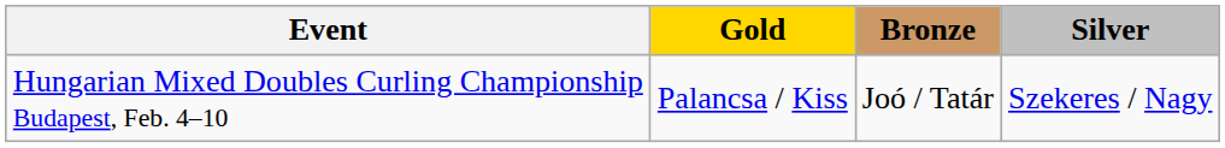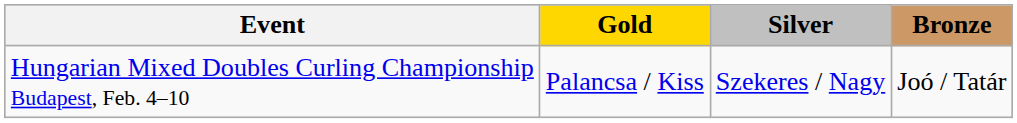 <table class="wikitable">
 <tr>
 <th>Event</th>
 <th style="background:gold">Gold</th>
+<th style="background:silver">Silver</th>
 <th style="background:#cc9966">Bronze</th>
-<th style="background:silver">Silver</th>
 </tr>
 <tr>
 <td><a href='#'>Hungarian Mixed Doubles Curling Championship</a><br> <small><a href='#'>Budapest</a>, Feb. 4–10</small></td>
 <td><a href='#'>Palancsa</a> / <a href='#'>Kiss</a></td>
+<td><a href='#'>Szekeres</a> / <a href='#'>Nagy</a></td>
 <td>Joó / Tatár</td>
-<td><a href='#'>Szekeres</a> / <a href='#'>Nagy</a></td>
 </tr>
 </table>
